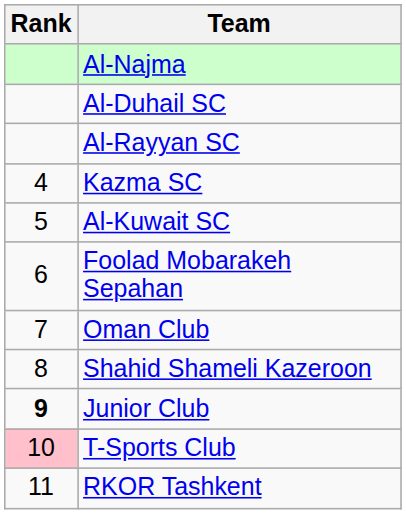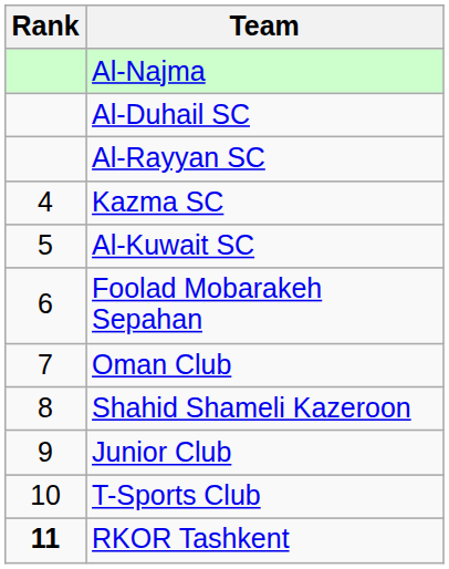 <table class=wikitable>
 <tr>
 <th>Rank</th>
 <th width=200>Team</th>
 </tr>
 <tr bgcolor=ccffcc>
 <td align=center></td>
 <td> <a href='#'>Al-Najma</a></td>
 </tr>
 <tr>
 <td align=center></td>
 <td> <a href='#'>Al-Duhail SC</a></td>
 </tr>
 <tr>
 <td align=center></td>
 <td> <a href='#'>Al-Rayyan SC</a></td>
 </tr>
 <tr>
 <td align=center>4</td>
 <td>  <a href='#'>Kazma SC</a></td>
 </tr>
 <tr>
 <td align=center>5</td>
 <td> <a href='#'>Al-Kuwait SC</a></td>
 </tr>
 <tr>
 <td align=center>6</td>
 <td> <a href='#'>Foolad Mobarakeh Sepahan</a></td>
 </tr>
 <tr>
 <td align=center>7</td>
 <td> <a href='#'>Oman Club</a></td>
 </tr>
 <tr>
 <td align=center>8</td>
 <td> <a href='#'>Shahid Shameli Kazeroon</a></td>
 </tr>
 <tr>
-<td align=center><strong>9</strong></td>
+<td align=center>9</td>
 <td> <a href='#'>Junior Club</a></td>
 </tr>
 <tr>
-<td align=center style="background: pink;">10</td>
+<td align=center>10</td>
 <td> <a href='#'>T-Sports Club</a></td>
 </tr>
 <tr>
-<td align=center>11</td>
+<td align=center><strong>11</strong></td>
 <td> <a href='#'>RKOR Tashkent</a></td>
 </tr>
 </table>
